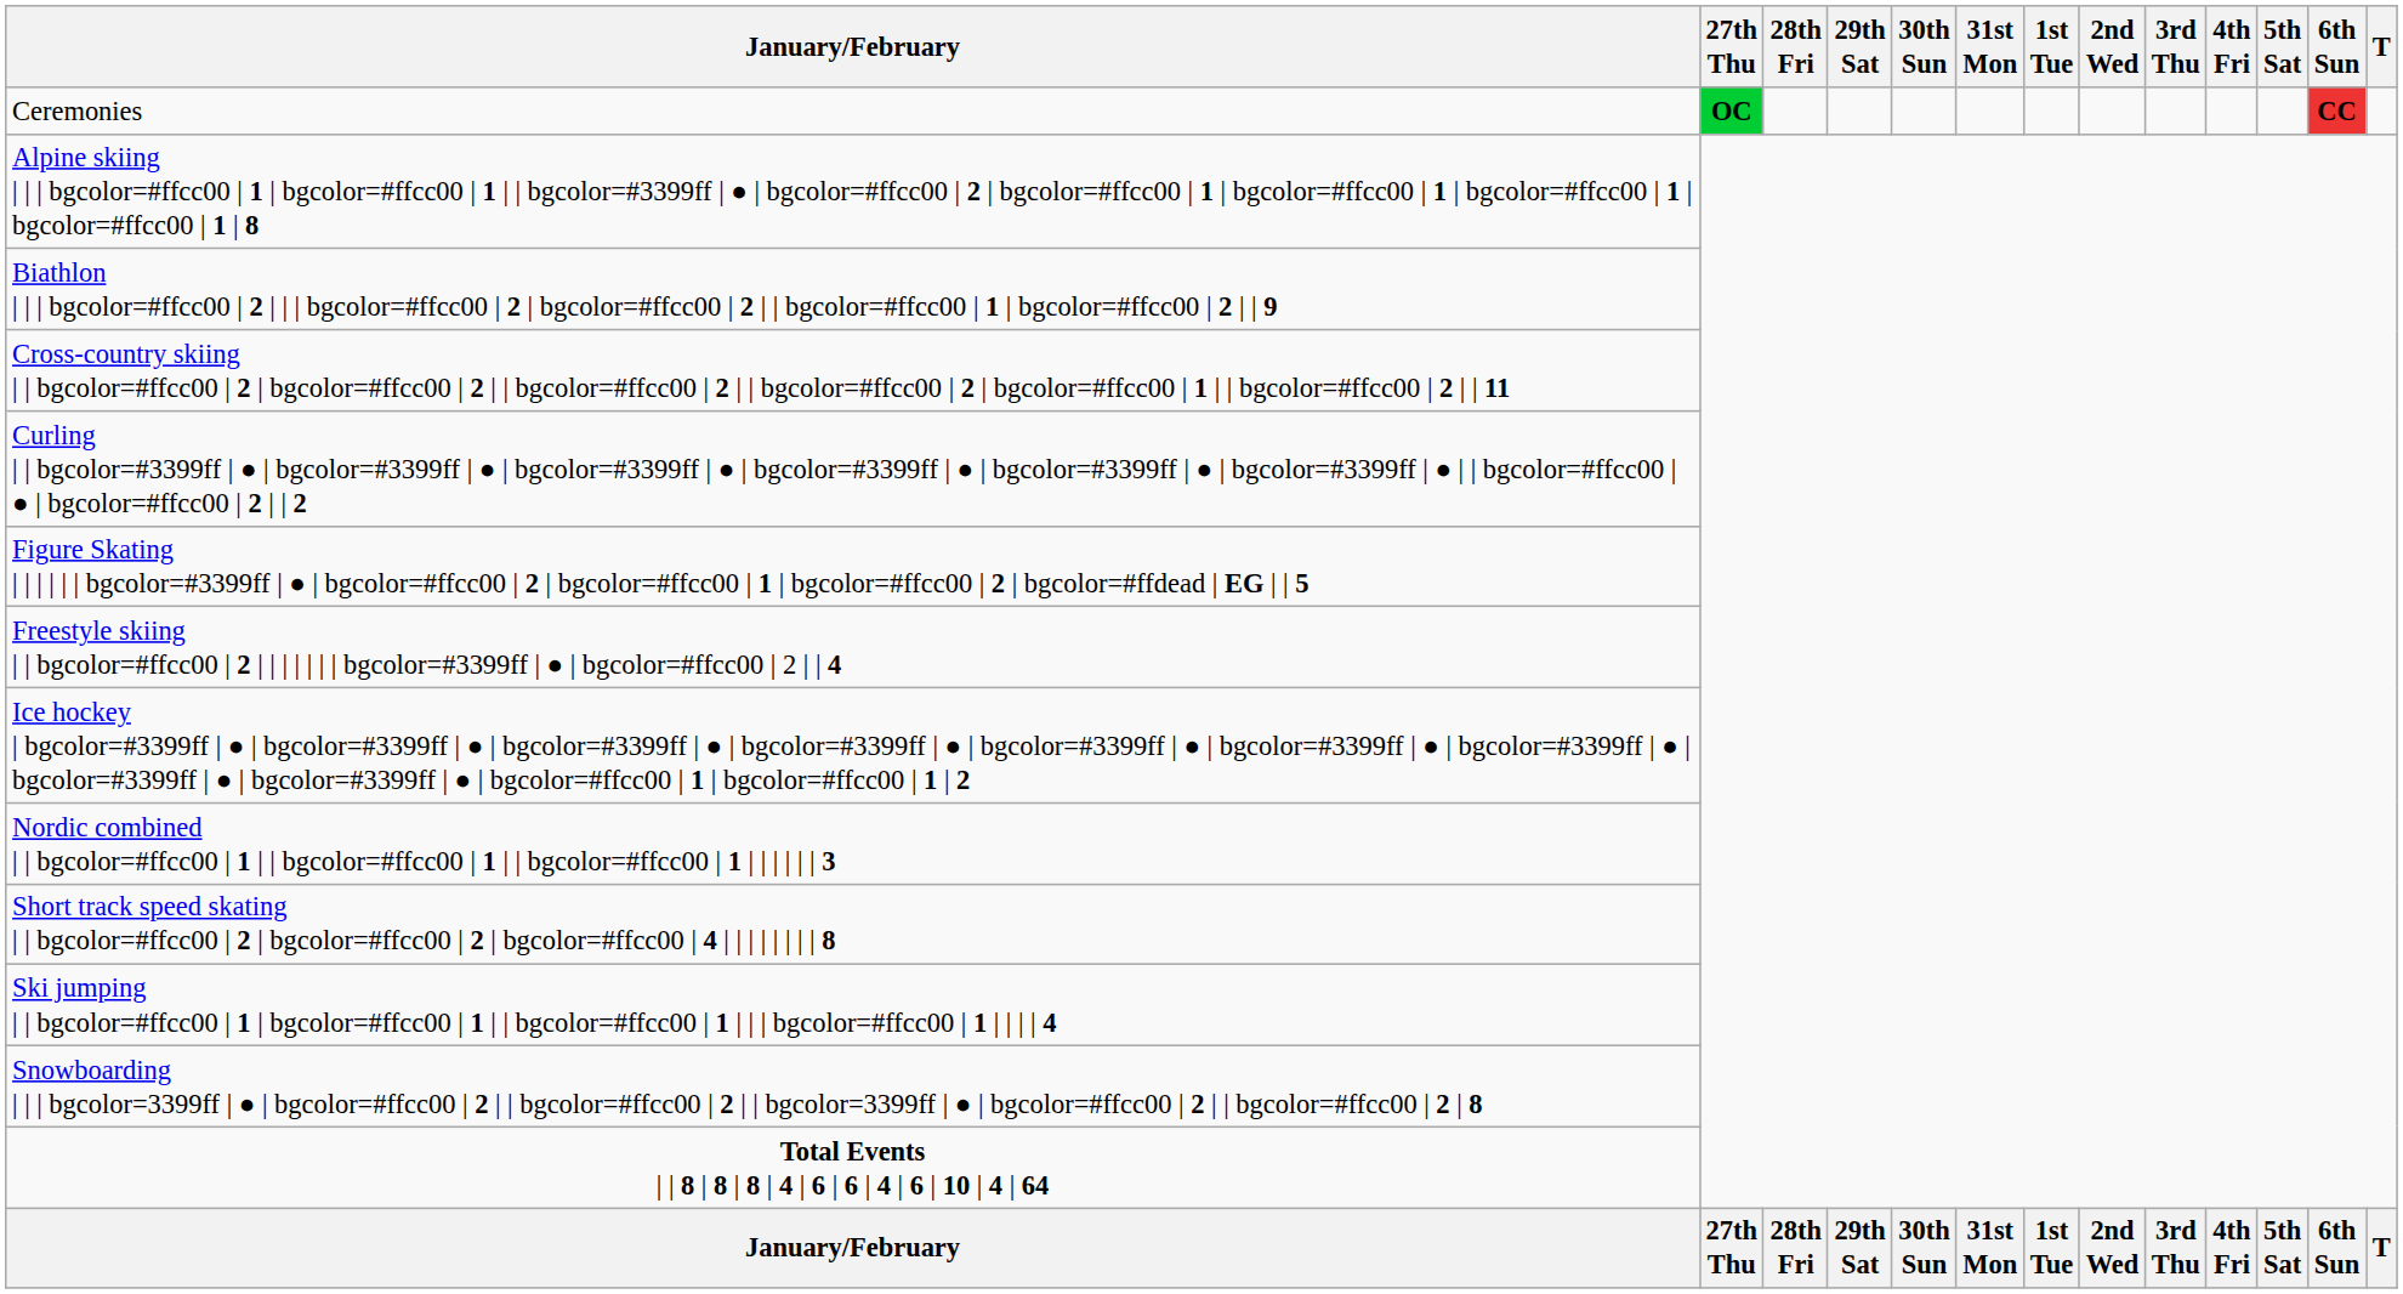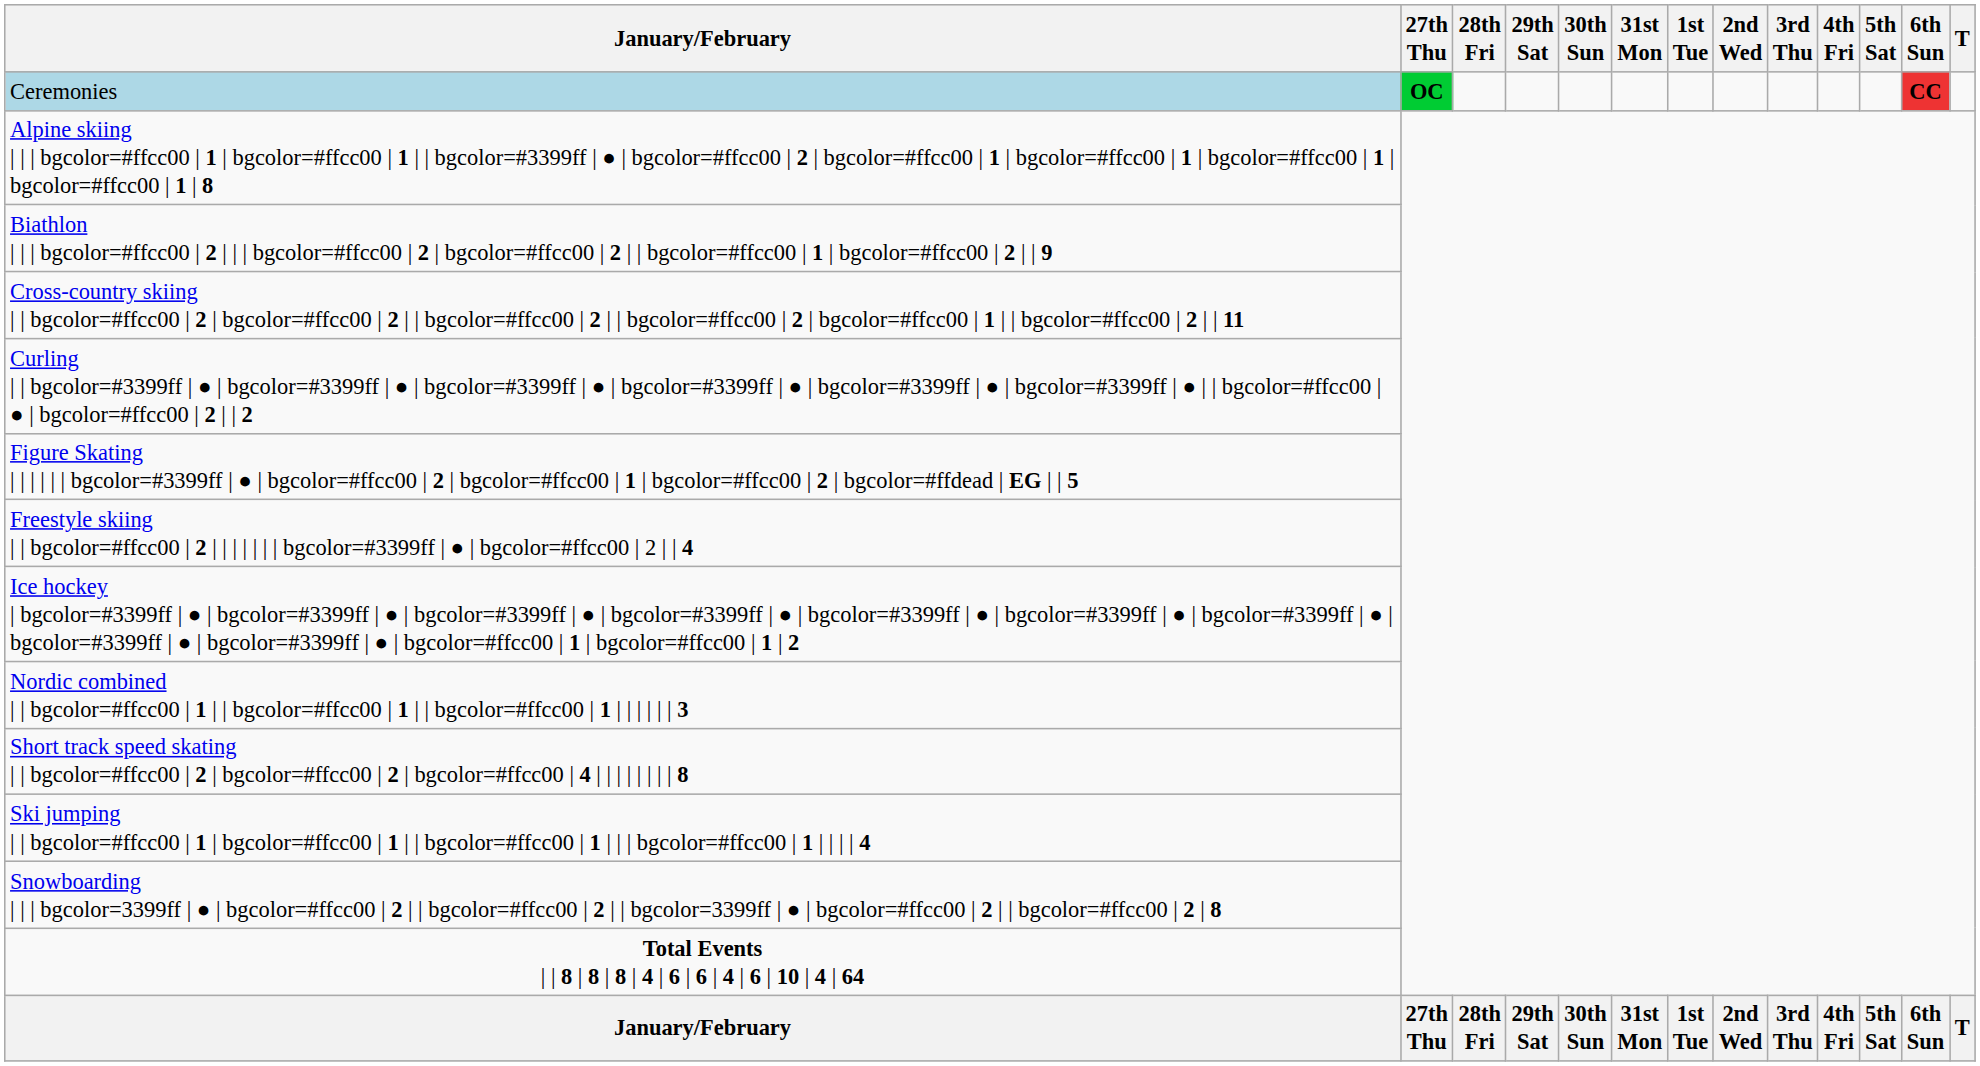 <table class="wikitable" style="margin:0.5em auto; font-size:90%; line-height:1.25em">
 <tr>
 <th>January/February</th>
 <th>27th <br> Thu</th>
 <th>28th <br> Fri</th>
 <th>29th <br> Sat</th>
 <th>30th <br> Sun</th>
 <th>31st <br> Mon</th>
 <th>1st <br> Tue</th>
 <th>2nd <br> Wed</th>
 <th>3rd <br> Thu</th>
 <th>4th <br> Fri</th>
 <th>5th <br> Sat</th>
 <th>6th <br> Sun</th>
 <th>T</th>
 </tr>
 <tr>
-<td>Ceremonies</td>
+<td style="background: lightblue;">Ceremonies</td>
 <td style="background:#0c3; text-align:center"><strong>OC</strong></td>
 <td></td>
 <td></td>
 <td></td>
 <td></td>
 <td></td>
 <td></td>
 <td></td>
 <td></td>
 <td></td>
 <td style="background:#e33; text-align:center"><strong>CC</strong></td>
 <td></td>
 </tr>
 <tr style="text-align:center">
 <td style="text-align:left"> <a href='#'>Alpine skiing</a><br> |  |  | bgcolor=#ffcc00 | <strong>1</strong>  | bgcolor=#ffcc00 | <strong>1</strong>  |  | bgcolor=#3399ff | ●  | bgcolor=#ffcc00 | <strong>2</strong>  | bgcolor=#ffcc00 | <strong>1</strong>  | bgcolor=#ffcc00 | <strong>1</strong>  | bgcolor=#ffcc00 | <strong>1</strong>  | bgcolor=#ffcc00 | <strong>1</strong>  | <strong>8</strong></td>
 </tr>
 <tr style="text-align:center">
 <td style="text-align:left"> <a href='#'>Biathlon</a><br> |  |  | bgcolor=#ffcc00 | <strong>2</strong>  |  |  | bgcolor=#ffcc00 | <strong>2</strong>  | bgcolor=#ffcc00 | <strong>2</strong>  |  | bgcolor=#ffcc00 | <strong>1</strong>  | bgcolor=#ffcc00 | <strong>2</strong>  |  | <strong>9</strong></td>
 </tr>
 <tr style="text-align:center">
 <td style="text-align:left"> <a href='#'>Cross-country skiing</a><br> |  | bgcolor=#ffcc00 | <strong>2</strong>  | bgcolor=#ffcc00 | <strong>2</strong>  |  | bgcolor=#ffcc00 | <strong>2</strong>  |  | bgcolor=#ffcc00 | <strong>2</strong>  | bgcolor=#ffcc00 | <strong>1</strong>  |  | bgcolor=#ffcc00 | <strong>2</strong>  |  | <strong>11</strong></td>
 </tr>
 <tr style="text-align:center">
 <td style="text-align:left"> <a href='#'>Curling</a><br> |  | bgcolor=#3399ff | ●  | bgcolor=#3399ff | ●  | bgcolor=#3399ff | ●  | bgcolor=#3399ff | ●  | bgcolor=#3399ff | ●  | bgcolor=#3399ff | ●  |  | bgcolor=#ffcc00 | ●  | bgcolor=#ffcc00 | <strong>2</strong>  |  | <strong>2</strong></td>
 </tr>
 <tr style="text-align:center">
 <td style="text-align:left"> <a href='#'>Figure Skating</a><br> |  |  |  |  |  | bgcolor=#3399ff | ●  | bgcolor=#ffcc00 | <strong>2</strong>  | bgcolor=#ffcc00 | <strong>1</strong>  | bgcolor=#ffcc00 | <strong>2</strong>  | bgcolor=#ffdead | <strong>EG</strong>  |  | <strong>5</strong></td>
 </tr>
 <tr style="text-align:center">
 <td style="text-align:left"> <a href='#'>Freestyle skiing</a><br> |  | bgcolor=#ffcc00 | <strong>2</strong>  |  |  |  |  |  |  | bgcolor=#3399ff | ●  | bgcolor=#ffcc00 | 2  |  | <strong>4</strong></td>
 </tr>
 <tr style="text-align:center">
 <td style="text-align:left"> <a href='#'>Ice hockey</a><br> | bgcolor=#3399ff | ●  | bgcolor=#3399ff | ●  | bgcolor=#3399ff | ●  | bgcolor=#3399ff | ●  | bgcolor=#3399ff | ●  | bgcolor=#3399ff | ●  | bgcolor=#3399ff | ●  | bgcolor=#3399ff | ●  | bgcolor=#3399ff | ●  | bgcolor=#ffcc00 | <strong>1</strong>  | bgcolor=#ffcc00 | <strong>1</strong>  | <strong>2</strong></td>
 </tr>
 <tr style="text-align:center">
 <td style="text-align:left"> <a href='#'>Nordic combined</a><br> |  | bgcolor=#ffcc00 | <strong>1</strong>  |  | bgcolor=#ffcc00 | <strong>1</strong>  |  | bgcolor=#ffcc00 | <strong>1</strong>  |  |  |  |  |  | <strong>3</strong></td>
 </tr>
 <tr style="text-align:center">
 <td style="text-align:left"> <a href='#'>Short track speed skating</a><br> |  | bgcolor=#ffcc00 | <strong>2</strong>  | bgcolor=#ffcc00 | <strong>2</strong>  | bgcolor=#ffcc00 | <strong>4</strong>  |  |  |  |  |  |  |  | <strong>8</strong></td>
 </tr>
 <tr style="text-align:center">
 <td style="text-align:left"> <a href='#'>Ski jumping</a><br> |  | bgcolor=#ffcc00 | <strong>1</strong>  | bgcolor=#ffcc00 | <strong>1</strong>  |  | bgcolor=#ffcc00 | <strong>1</strong>  |  |  | bgcolor=#ffcc00 | <strong>1</strong>  |  |  |  | <strong>4</strong></td>
 </tr>
 <tr style="text-align:center">
 <td style="text-align:left"> <a href='#'>Snowboarding</a><br> |  |  | bgcolor=3399ff | ●  | bgcolor=#ffcc00 | <strong>2</strong>  |  | bgcolor=#ffcc00 | <strong>2</strong>  |  | bgcolor=3399ff | ●  | bgcolor=#ffcc00 | <strong>2</strong>  |  | bgcolor=#ffcc00 | <strong>2</strong>  | <strong>8</strong></td>
 </tr>
 <tr align=center>
 <td><strong>Total Events</strong><br> |  | <strong>8</strong>  | <strong>8</strong>  | <strong>8</strong>  | <strong>4</strong>  | <strong>6</strong>  | <strong>6</strong>  | <strong>4</strong>  | <strong>6</strong>  | <strong>10</strong>  | <strong>4</strong>  | <strong>64</strong></td>
 </tr>
 <tr>
 <th>January/February</th>
 <th>27th <br> Thu</th>
 <th>28th <br> Fri</th>
 <th>29th <br> Sat</th>
 <th>30th <br> Sun</th>
 <th>31st <br> Mon</th>
 <th>1st <br> Tue</th>
 <th>2nd <br> Wed</th>
 <th>3rd <br> Thu</th>
 <th>4th <br> Fri</th>
 <th>5th <br> Sat</th>
 <th>6th <br> Sun</th>
 <th>T</th>
 </tr>
 </table>
